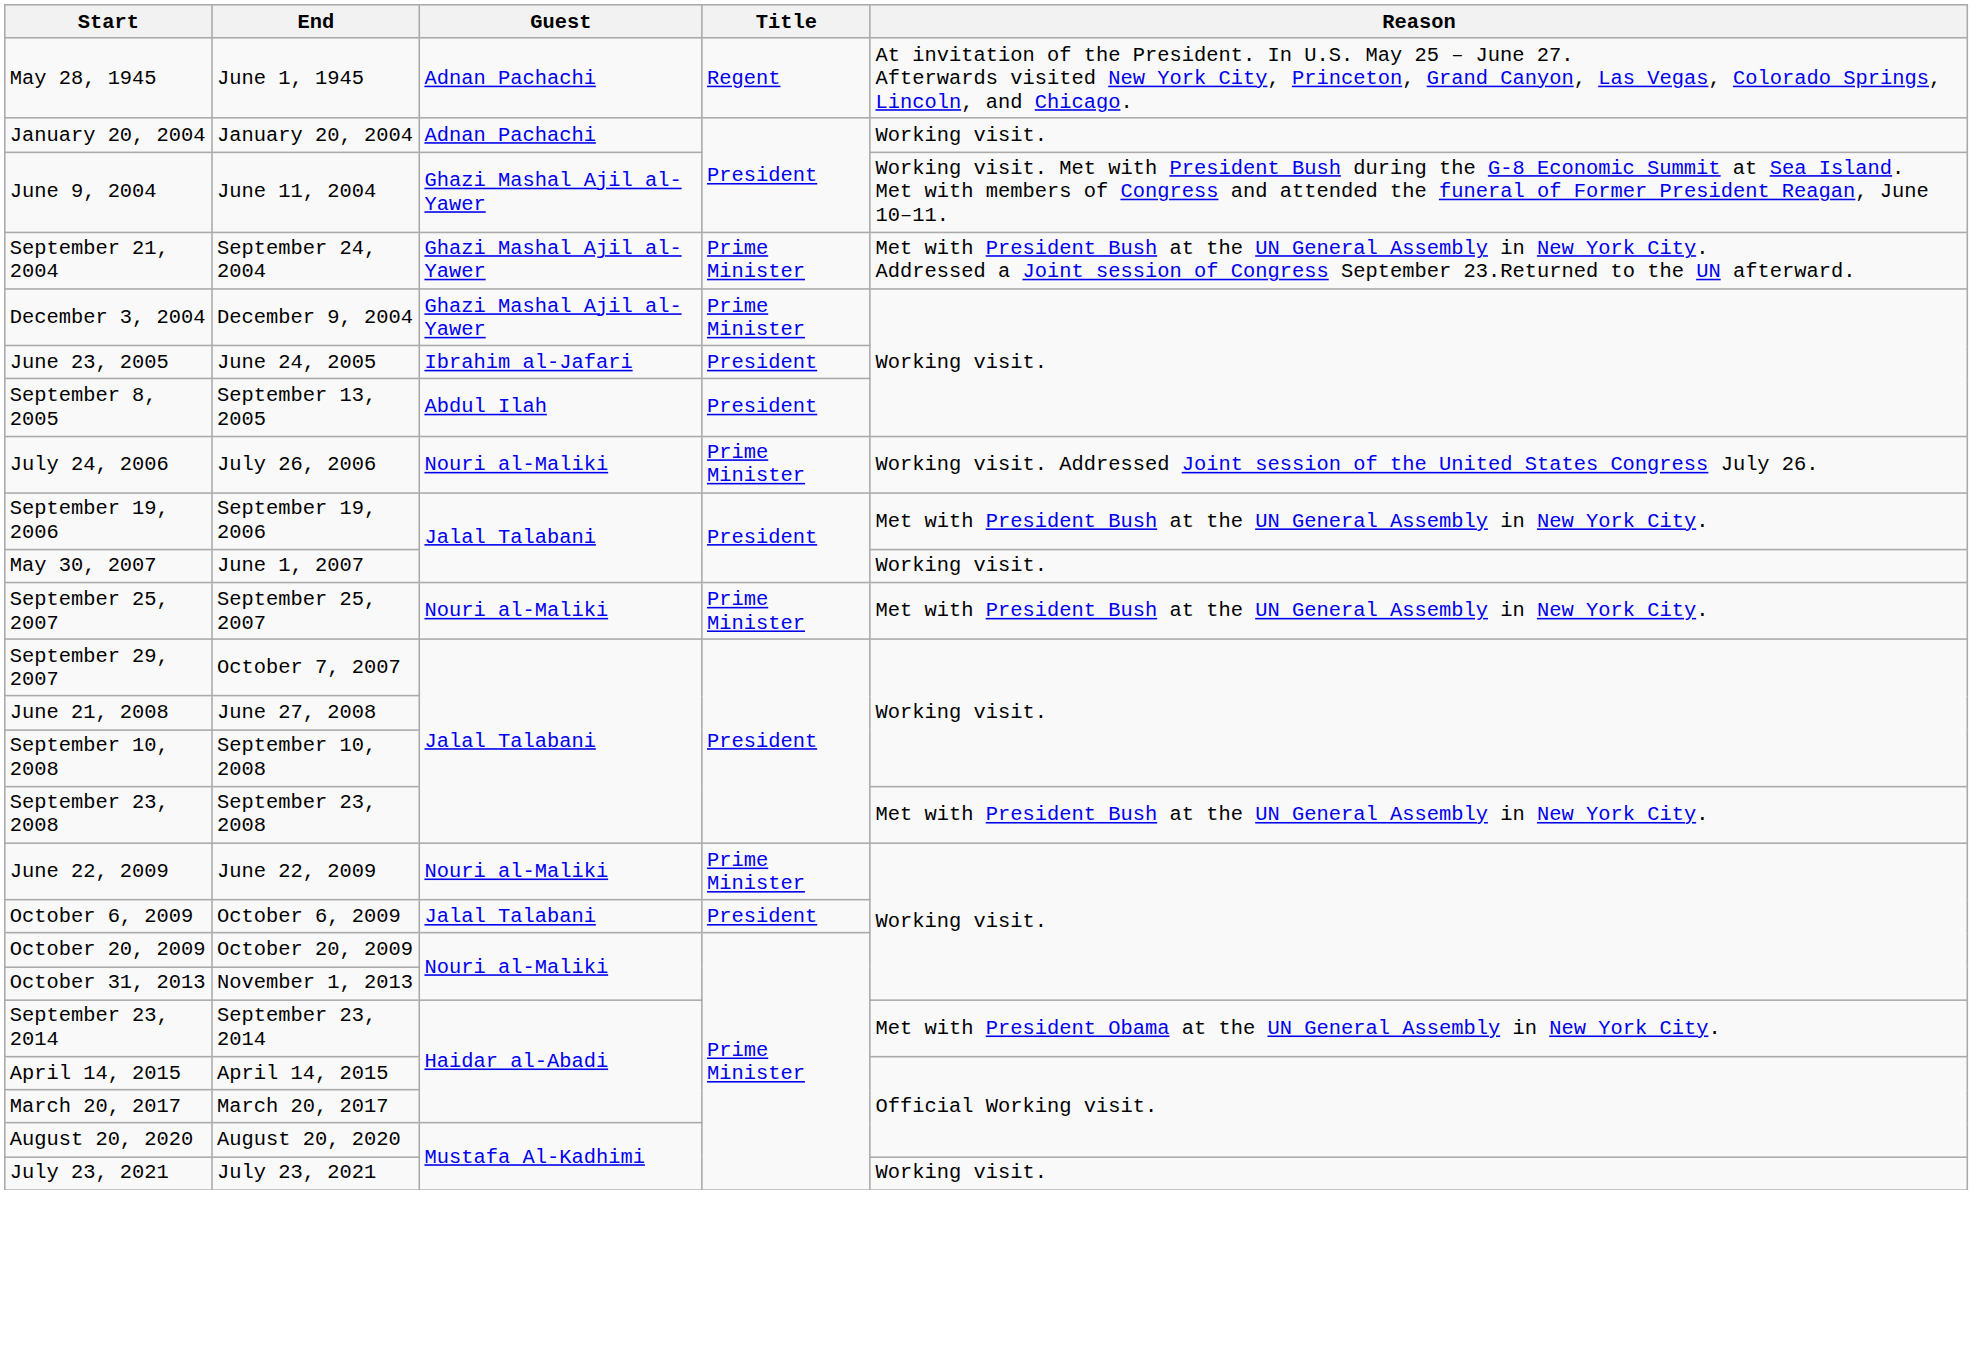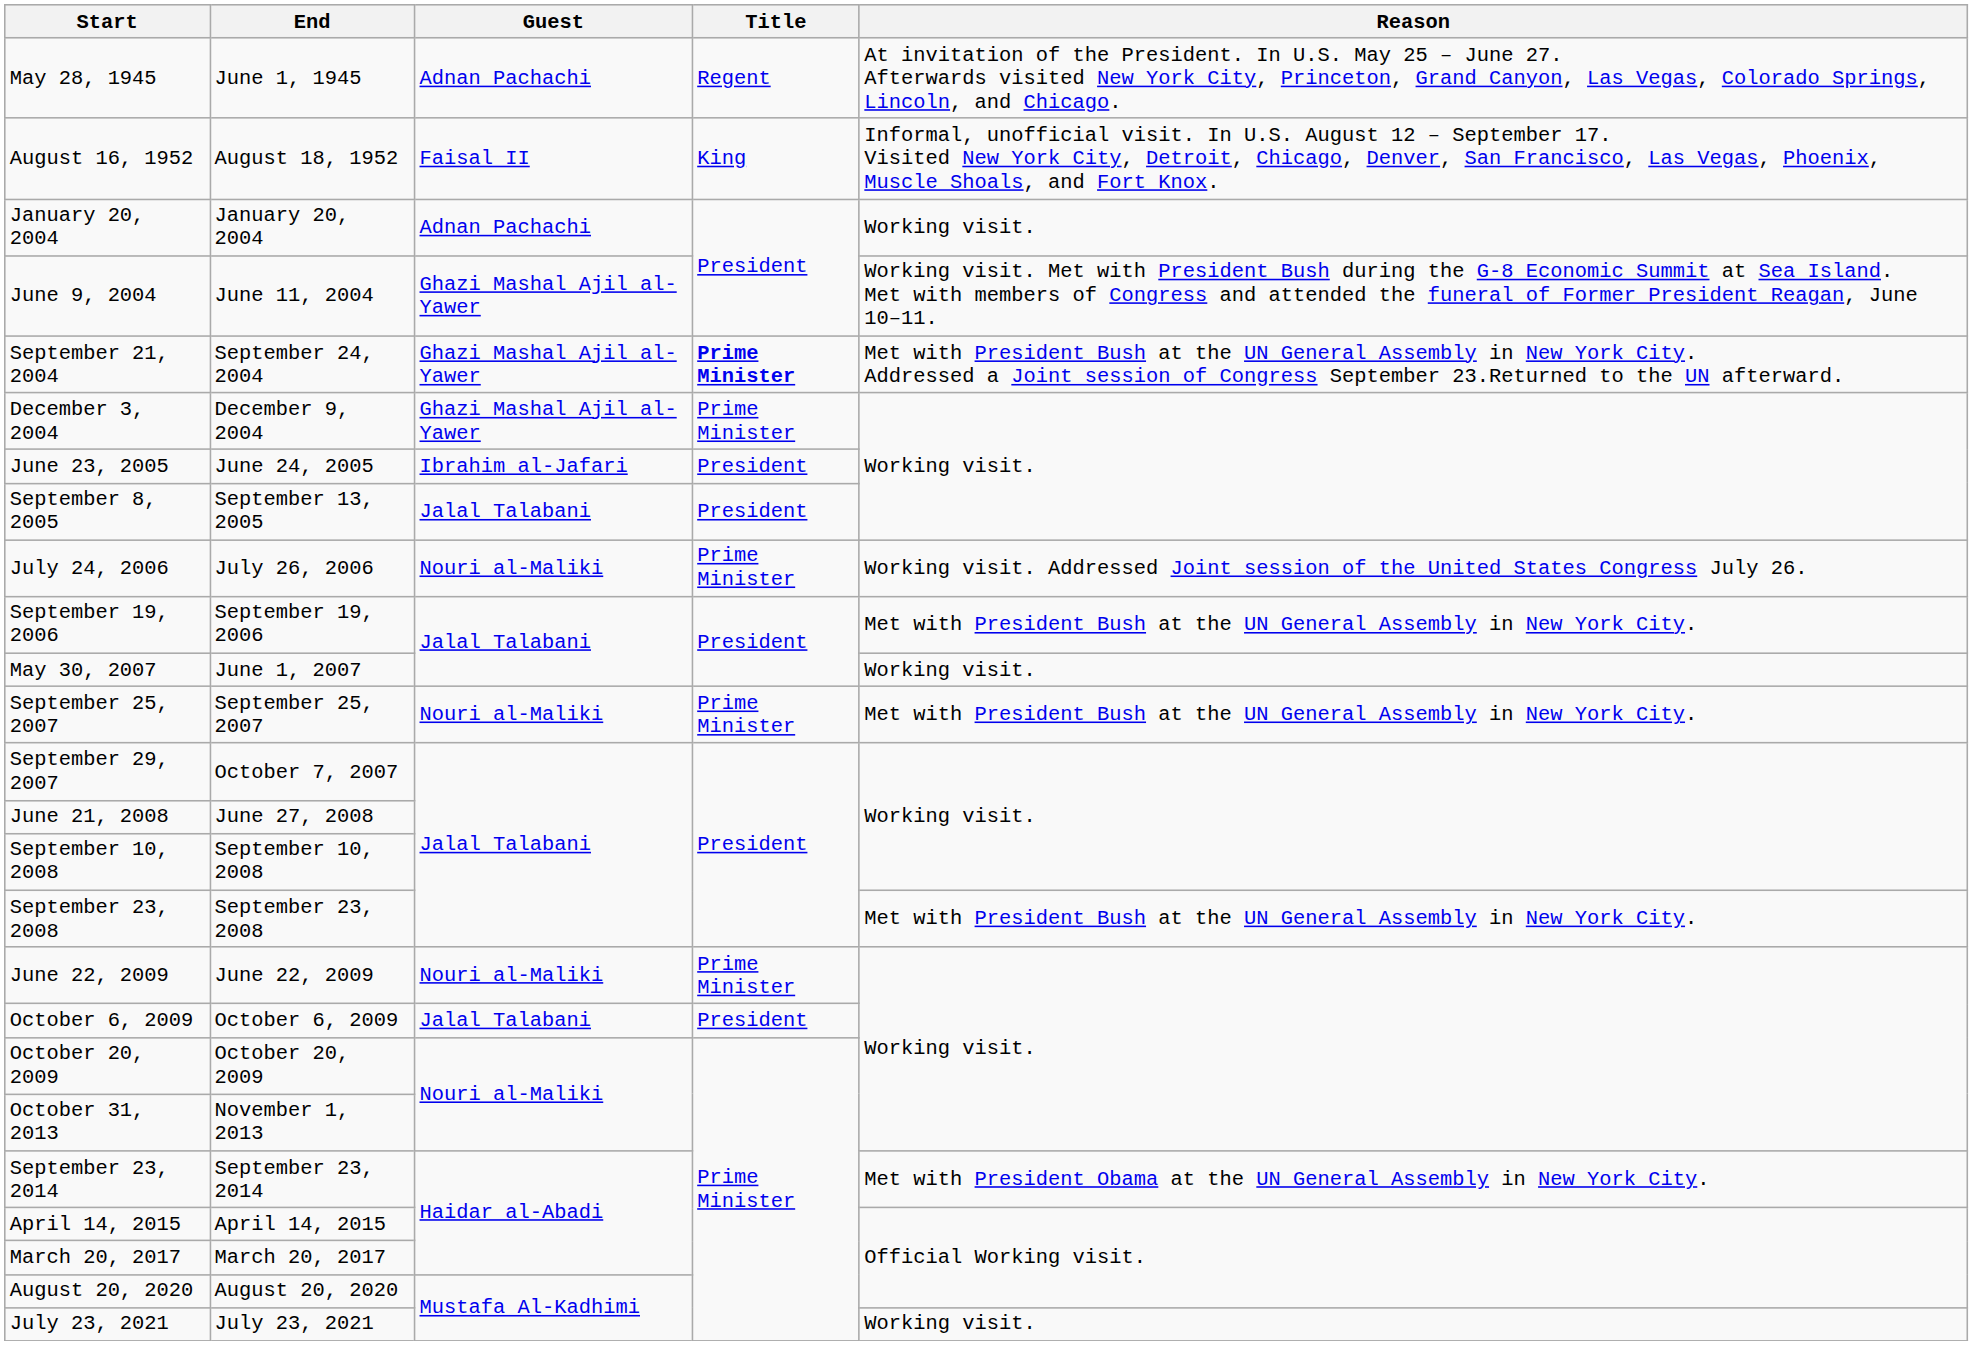 <table class="wikitable sortable">
 <tr>
 <th>Start</th>
 <th>End</th>
 <th>Guest</th>
 <th>Title</th>
 <th>Reason</th>
 </tr>
 <tr>
 <td>May 28, 1945</td>
 <td>June 1, 1945</td>
 <td><a href='#'>Adnan Pachachi</a></td>
 <td><a href='#'>Regent</a></td>
 <td>At invitation of the President. In U.S. May 25 – June 27.<br>Afterwards visited <a href='#'>New York City</a>, <a href='#'>Princeton</a>, <a href='#'>Grand Canyon</a>, <a href='#'>Las Vegas</a>, <a href='#'>Colorado Springs</a>, <a href='#'>Lincoln</a>, and <a href='#'>Chicago</a>.</td>
+</tr>
+<tr>
+<td>August 16, 1952</td>
+<td>August 18, 1952</td>
+<td><a href='#'>Faisal II</a></td>
+<td><a href='#'>King</a></td>
+<td>Informal, unofficial visit. In U.S. August 12 – September 17.<br>Visited <a href='#'>New York City</a>, <a href='#'>Detroit</a>, <a href='#'>Chicago</a>, <a href='#'>Denver</a>, <a href='#'>San Francisco</a>, <a href='#'>Las Vegas</a>, <a href='#'>Phoenix</a>, <a href='#'>Muscle Shoals</a>, and <a href='#'>Fort Knox</a>.</td>
 </tr>
 <tr>
 <td>January 20, 2004</td>
 <td>January 20, 2004</td>
 <td><a href='#'>Adnan Pachachi</a></td>
 <td rowspan=2><a href='#'>President</a></td>
 <td>Working visit.</td>
 </tr>
 <tr>
 <td>June 9, 2004</td>
 <td>June 11, 2004</td>
 <td><a href='#'>Ghazi Mashal Ajil al-Yawer</a></td>
 <td>Working visit. Met with <a href='#'>President Bush</a> during the <a href='#'>G-8 Economic Summit</a> at <a href='#'>Sea Island</a>.<br>Met with members of <a href='#'>Congress</a> and attended the <a href='#'>funeral of Former President Reagan</a>, June 10–11.</td>
 </tr>
 <tr>
 <td>September 21, 2004</td>
 <td>September 24, 2004</td>
 <td><a href='#'>Ghazi Mashal Ajil al-Yawer</a></td>
-<td><a href='#'>Prime Minister</a></td>
+<td><strong><a href='#'>Prime Minister</a></strong></td>
 <td>Met with <a href='#'>President Bush</a> at the <a href='#'>UN General Assembly</a> in <a href='#'>New York City</a>.<br>Addressed a <a href='#'>Joint session of Congress</a> September 23.Returned to the <a href='#'>UN</a> afterward.</td>
 </tr>
 <tr>
 <td>December 3, 2004</td>
 <td>December 9, 2004</td>
 <td><a href='#'>Ghazi Mashal Ajil al-Yawer</a></td>
 <td><a href='#'>Prime Minister</a></td>
 <td rowspan=3>Working visit.</td>
 </tr>
 <tr>
 <td>June 23, 2005</td>
 <td>June 24, 2005</td>
 <td><a href='#'>Ibrahim al-Jafari</a></td>
 <td><a href='#'>President</a></td>
 </tr>
 <tr>
 <td>September 8, 2005</td>
 <td>September 13, 2005</td>
-<td><a href='#'>Abdul Ilah</a></td>
+<td><a href='#'>Jalal Talabani</a></td>
 <td><a href='#'>President</a></td>
 </tr>
 <tr>
 <td>July 24, 2006</td>
 <td>July 26, 2006</td>
 <td><a href='#'>Nouri al-Maliki</a></td>
 <td><a href='#'>Prime Minister</a></td>
 <td>Working visit. Addressed <a href='#'>Joint session of the United States Congress</a> July 26.</td>
 </tr>
 <tr>
 <td>September 19, 2006</td>
 <td>September 19, 2006</td>
 <td rowspan=2><a href='#'>Jalal Talabani</a></td>
 <td rowspan=2><a href='#'>President</a></td>
 <td>Met with <a href='#'>President Bush</a> at the <a href='#'>UN General Assembly</a> in <a href='#'>New York City</a>.</td>
 </tr>
 <tr>
 <td>May 30, 2007</td>
 <td>June 1, 2007</td>
 <td>Working visit.</td>
 </tr>
 <tr>
 <td>September 25, 2007</td>
 <td>September 25, 2007</td>
 <td><a href='#'>Nouri al-Maliki</a></td>
 <td><a href='#'>Prime Minister</a></td>
 <td>Met with <a href='#'>President Bush</a> at the <a href='#'>UN General Assembly</a> in <a href='#'>New York City</a>.</td>
 </tr>
 <tr>
 <td>September 29, 2007</td>
 <td>October 7, 2007</td>
 <td rowspan=4><a href='#'>Jalal Talabani</a></td>
 <td rowspan=4><a href='#'>President</a></td>
 <td rowspan=3>Working visit.</td>
 </tr>
 <tr>
 <td>June 21, 2008</td>
 <td>June 27, 2008</td>
 </tr>
 <tr>
 <td>September 10, 2008</td>
 <td>September 10, 2008</td>
 </tr>
 <tr>
 <td>September 23, 2008</td>
 <td>September 23, 2008</td>
 <td>Met with <a href='#'>President Bush</a> at the <a href='#'>UN General Assembly</a> in <a href='#'>New York City</a>.</td>
 </tr>
 <tr>
 <td>June 22, 2009</td>
 <td>June 22, 2009</td>
 <td><a href='#'>Nouri al-Maliki</a></td>
 <td><a href='#'>Prime Minister</a></td>
 <td rowspan=4>Working visit.</td>
 </tr>
 <tr>
 <td>October 6, 2009</td>
 <td>October 6, 2009</td>
 <td><a href='#'>Jalal Talabani</a></td>
 <td><a href='#'>President</a></td>
 </tr>
 <tr>
 <td>October 20, 2009</td>
 <td>October 20, 2009</td>
 <td rowspan=2><a href='#'>Nouri al-Maliki</a></td>
 <td rowspan=7><a href='#'>Prime Minister</a></td>
 </tr>
 <tr>
 <td>October 31, 2013</td>
 <td>November 1, 2013</td>
 </tr>
 <tr>
 <td>September 23, 2014</td>
 <td>September 23, 2014</td>
 <td rowspan=3><a href='#'>Haidar al-Abadi</a></td>
 <td>Met with <a href='#'>President Obama</a> at the <a href='#'>UN General Assembly</a> in <a href='#'>New York City</a>.</td>
 </tr>
 <tr>
 <td>April 14, 2015</td>
 <td>April 14, 2015</td>
 <td rowspan=3>Official Working visit.</td>
 </tr>
 <tr>
 <td>March 20, 2017</td>
 <td>March 20, 2017</td>
 </tr>
 <tr>
 <td>August 20, 2020</td>
 <td>August 20, 2020</td>
 <td rowspan=2><a href='#'>Mustafa Al-Kadhimi</a></td>
 </tr>
 <tr>
 <td>July 23, 2021</td>
 <td>July 23, 2021</td>
 <td>Working visit.</td>
 </tr>
 </table>
